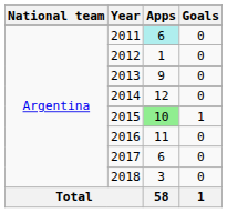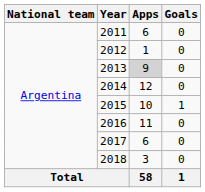 <table class="wikitable" style="text-align:center">
 <tr>
 <th>National team</th>
 <th>Year</th>
 <th>Apps</th>
 <th>Goals</th>
 </tr>
 <tr>
 <td rowspan="8"><a href='#'>Argentina</a></td>
 <td>2011</td>
-<td style="background: paleturquoise;">6</td>
+<td>6</td>
 <td>0</td>
 </tr>
 <tr>
 <td>2012</td>
 <td>1</td>
 <td>0</td>
 </tr>
 <tr>
 <td>2013</td>
-<td>9</td>
+<td style="background: lightgrey;">9</td>
 <td>0</td>
 </tr>
 <tr>
 <td>2014</td>
 <td>12</td>
 <td>0</td>
 </tr>
 <tr>
 <td>2015</td>
-<td style="background: lightgreen;">10</td>
+<td>10</td>
 <td>1</td>
 </tr>
 <tr>
 <td>2016</td>
 <td>11</td>
 <td>0</td>
 </tr>
 <tr>
 <td>2017</td>
 <td>6</td>
 <td>0</td>
 </tr>
 <tr>
 <td>2018</td>
 <td>3</td>
 <td>0</td>
 </tr>
 <tr>
 <th colspan="2">Total</th>
 <th>58</th>
 <th>1</th>
 </tr>
 </table>
